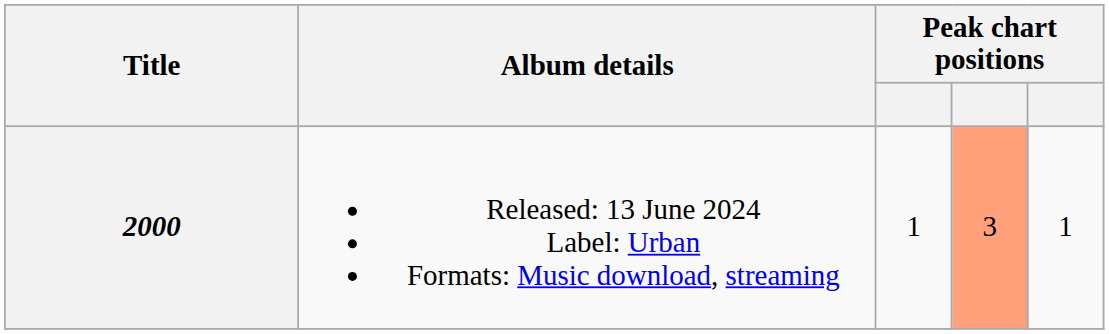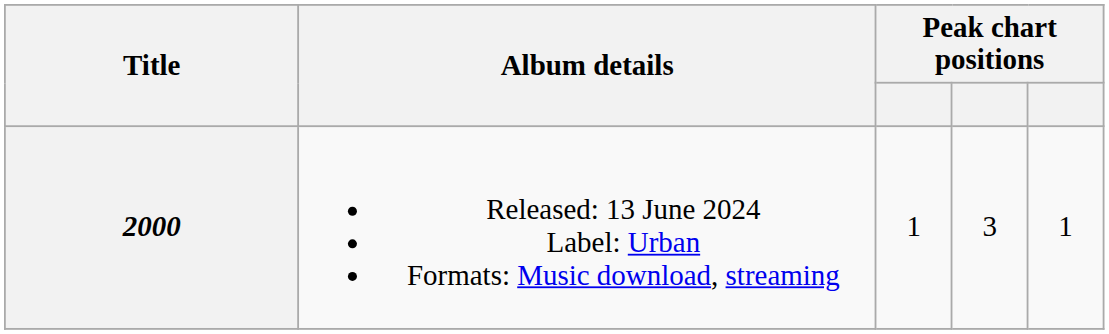 <table class="wikitable plainrowheaders" style="text-align:center;">
 <tr>
 <th scope="col" rowspan="2" style="width:10em;">Title</th>
 <th scope="col" rowspan="2" style="width:20em;">Album details</th>
 <th scope="col" colspan="3">Peak chart positions</th>
 </tr>
 <tr>
 <th style="width:2.5em; font-size:90%"><a href='#'></a><br></th>
 <th style="width:2.5em; font-size:90%"><a href='#'></a><br></th>
 <th style="width:2.5em; font-size:90%"><a href='#'></a><br></th>
 </tr>
 <tr>
 <th scope="row"><em>2000</em></th>
 <td><br><ul><li>Released: 13 June 2024</li><li>Label: <a href='#'>Urban</a></li><li>Formats: <a href='#'>Music download</a>, <a href='#'>streaming</a></li></ul></td>
 <td>1</td>
-<td style="background: lightsalmon;">3</td>
+<td>3</td>
 <td>1</td>
 </tr>
 </table>
